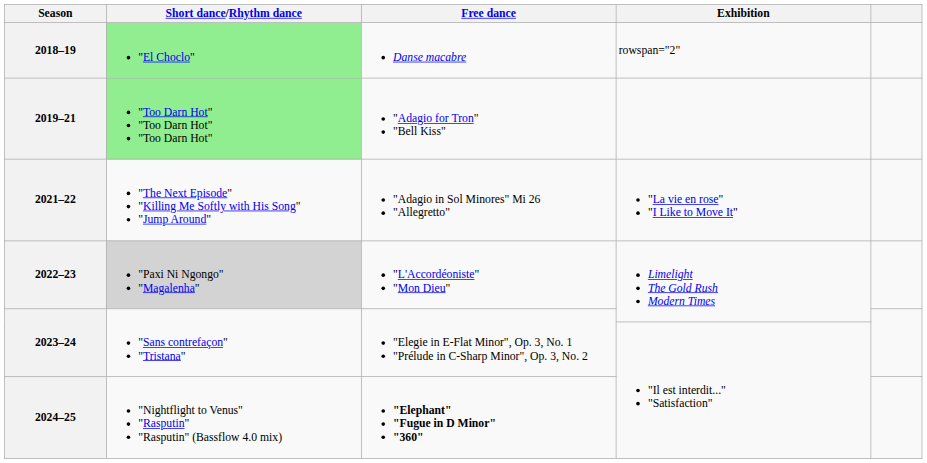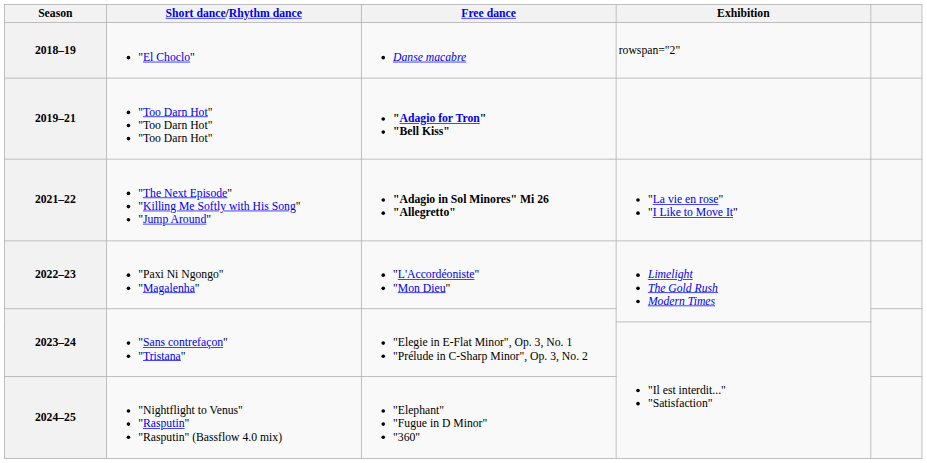 <table class="wikitable unsortable" style="text-align:left">
 <tr>
 <th scope="col" style="text-align:center; width:10%">Season</th>
 <th scope="col" style="text-align:center; width:25%"><a href='#'>Short dance</a>/<a href='#'>Rhythm dance</a></th>
 <th scope="col" style="text-align:center; width:25%"><a href='#'>Free dance</a></th>
 <th scope="col" style="text-align:center; width:25%">Exhibition</th>
 <th scope="col" style="text-align:center; width:5%"></th>
 </tr>
 <tr>
 <th scope="row">2018–19</th>
-<td style="background: lightgreen;"><br><ul><li><strong></strong> "<a href='#'>El Choclo</a>" <br> </li></ul></td>
+<td><br><ul><li><strong></strong> "<a href='#'>El Choclo</a>" <br> </li></ul></td>
 <td><br><ul><li><em><a href='#'>Danse macabre</a></em><br></li></ul></td>
 <td>rowspan="2" </td>
 <td></td>
 </tr>
 <tr>
 <th scope="row">2019–21</th>
-<td style="background: lightgreen;"><br><ul><li><strong></strong> "<a href='#'>Too Darn Hot</a>"</li><li><strong></strong> "Too Darn Hot"</li><li><strong></strong> "Too Darn Hot"<br></li></ul></td>
-<td><br><ul><li>"<a href='#'>Adagio for Tron</a>"<br></li><li>"Bell Kiss"<br></li></ul></td>
+<td><br><ul><li><strong></strong> "<a href='#'>Too Darn Hot</a>"</li><li><strong></strong> "Too Darn Hot"</li><li><strong></strong> "Too Darn Hot"<br></li></ul></td>
+<td><strong><br><ul><li>"<a href='#'>Adagio for Tron</a>"<br></li><li>"Bell Kiss"<br></li></ul></strong></td>
 <td></td>
 </tr>
 <tr>
 <th scope="row">2021–22</th>
 <td><br><ul><li><strong></strong> "<a href='#'>The Next Episode</a>"<br></li><li><strong></strong> "<a href='#'>Killing Me Softly with His Song</a>"<br></li><li><strong></strong> "<a href='#'>Jump Around</a>"<br></li></ul></td>
-<td><br><ul><li>"Adagio in Sol Minores" Mi 26<br></li><li>"Allegretto"<br></li></ul></td>
+<td><strong><br><ul><li>"Adagio in Sol Minores" Mi 26<br></li><li>"Allegretto"<br></li></ul></strong></td>
 <td><br><ul><li>"<a href='#'>La vie en rose</a>"<br></li><li>"<a href='#'>I Like to Move It</a>"<br></li></ul></td>
 <td></td>
 </tr>
 <tr>
 <th scope="row">2022–23</th>
-<td style="background: lightgrey;"><br><ul><li><strong></strong> "Paxi Ni Ngongo"<br></li><li><strong></strong> "<a href='#'>Magalenha</a>"<br></li></ul></td>
+<td><br><ul><li><strong></strong> "Paxi Ni Ngongo"<br></li><li><strong></strong> "<a href='#'>Magalenha</a>"<br></li></ul></td>
 <td><br><ul><li>"<a href='#'>L'Accordéoniste</a>"</li><li>"<a href='#'>Mon Dieu</a>"<br></li></ul></td>
 <td rowspan="2"><br><ul><li><em><a href='#'>Limelight</a></em></li><li><em><a href='#'>The Gold Rush</a></em></li><li><em><a href='#'>Modern Times</a></em><br></li></ul></td>
 <td></td>
 </tr>
 <tr>
 <th scope="row" rowspan="2">2023–24</th>
 <td rowspan="2"><br><ul><li>"<a href='#'>Sans contrefaçon</a>"</li><li>"<a href='#'>Tristana</a>"<br></li></ul></td>
 <td rowspan="2"><br><ul><li>"Elegie in E-Flat Minor", Op. 3, No. 1</li><li>"Prélude in C-Sharp Minor", Op. 3, No. 2<br></li></ul></td>
 <td rowspan="2"></td>
 </tr>
 <tr>
 <td rowspan="2"><br><ul><li>"Il est interdit..."<br></li><li>"Satisfaction" <br> </li></ul></td>
 </tr>
 <tr>
 <th scope="row">2024–25</th>
 <td><br><ul><li>"Nightflight to Venus"</li><li>"<a href='#'>Rasputin</a>"</li><li>"Rasputin" (Bassflow 4.0 mix)<br></li></ul></td>
-<td><strong><br><ul><li>"Elephant"</li><li>"Fugue in D Minor"</li><li>"360"<br></li></ul></strong></td>
+<td><br><ul><li>"Elephant"</li><li>"Fugue in D Minor"</li><li>"360"<br></li></ul></td>
 <td></td>
 </tr>
 </table>
